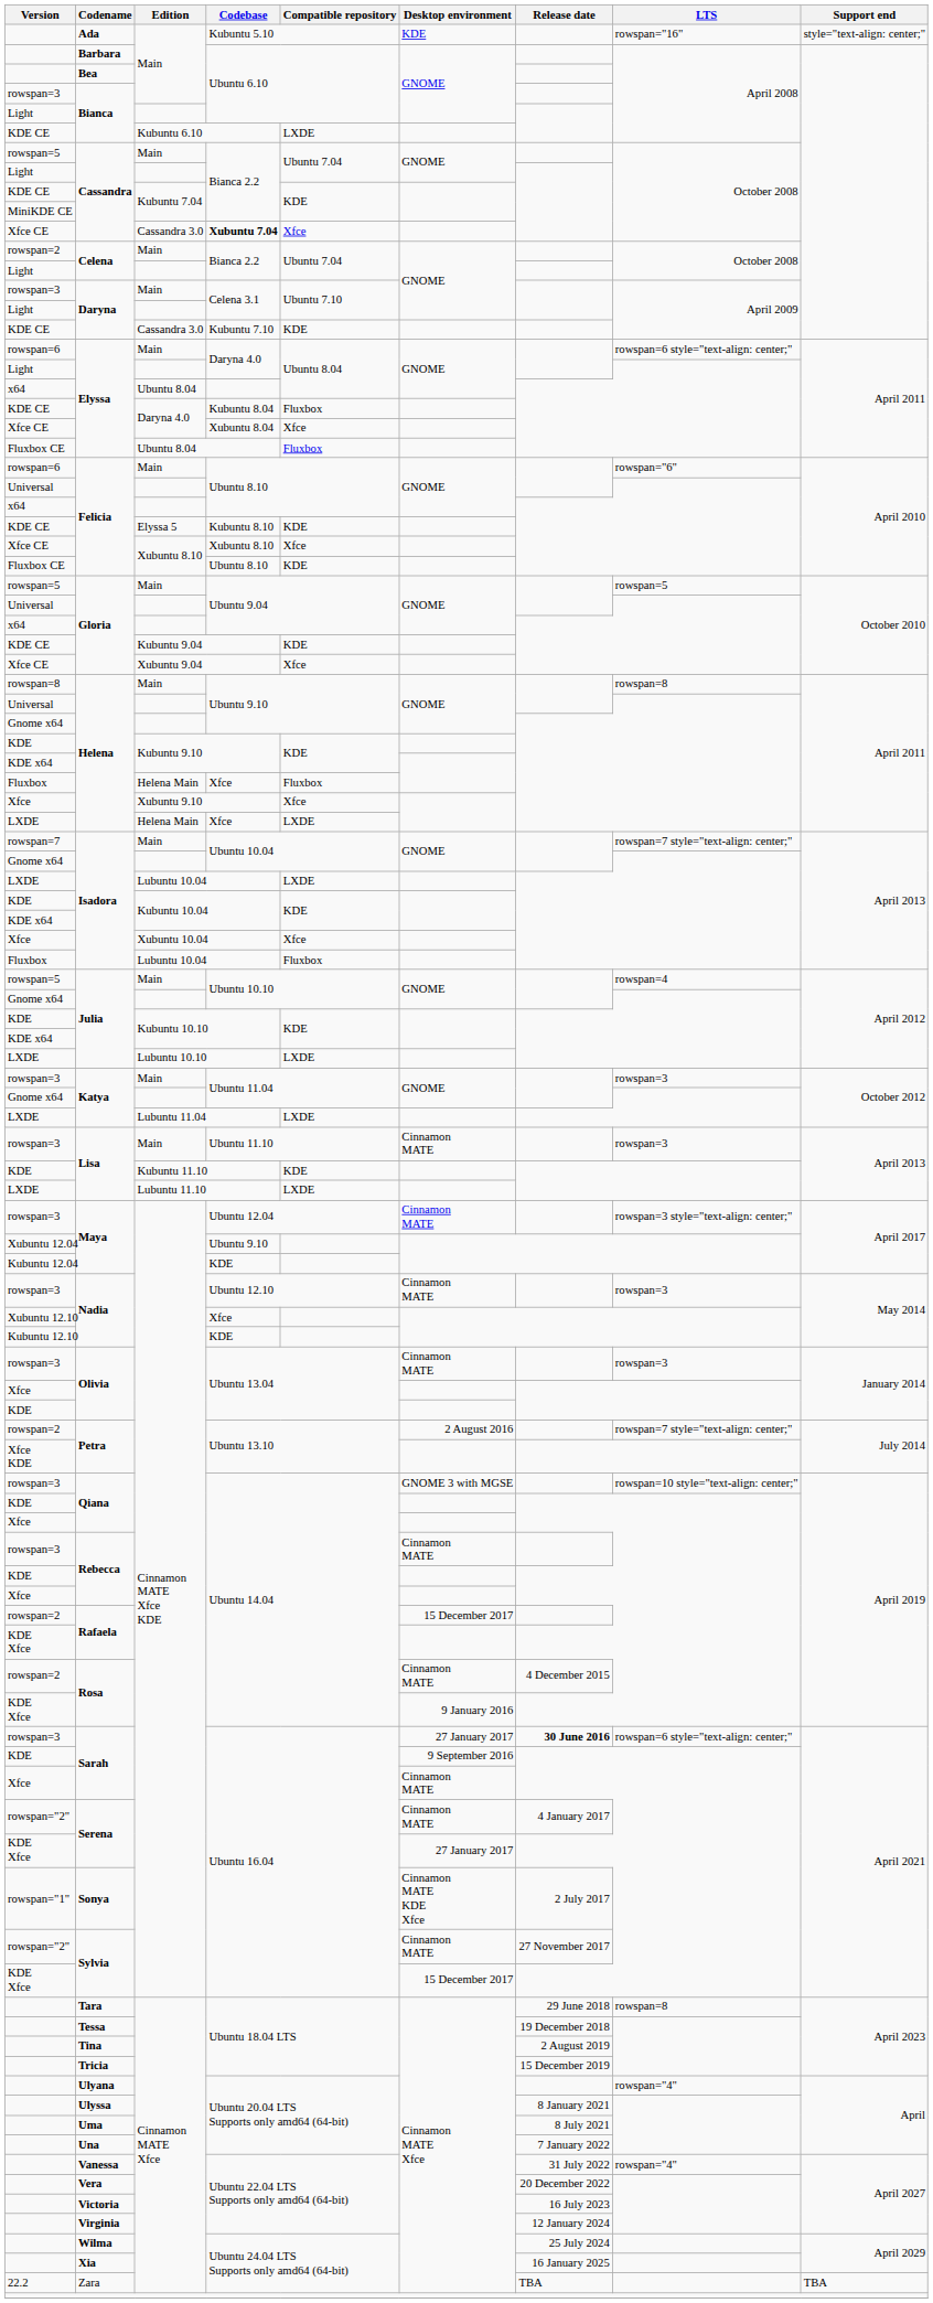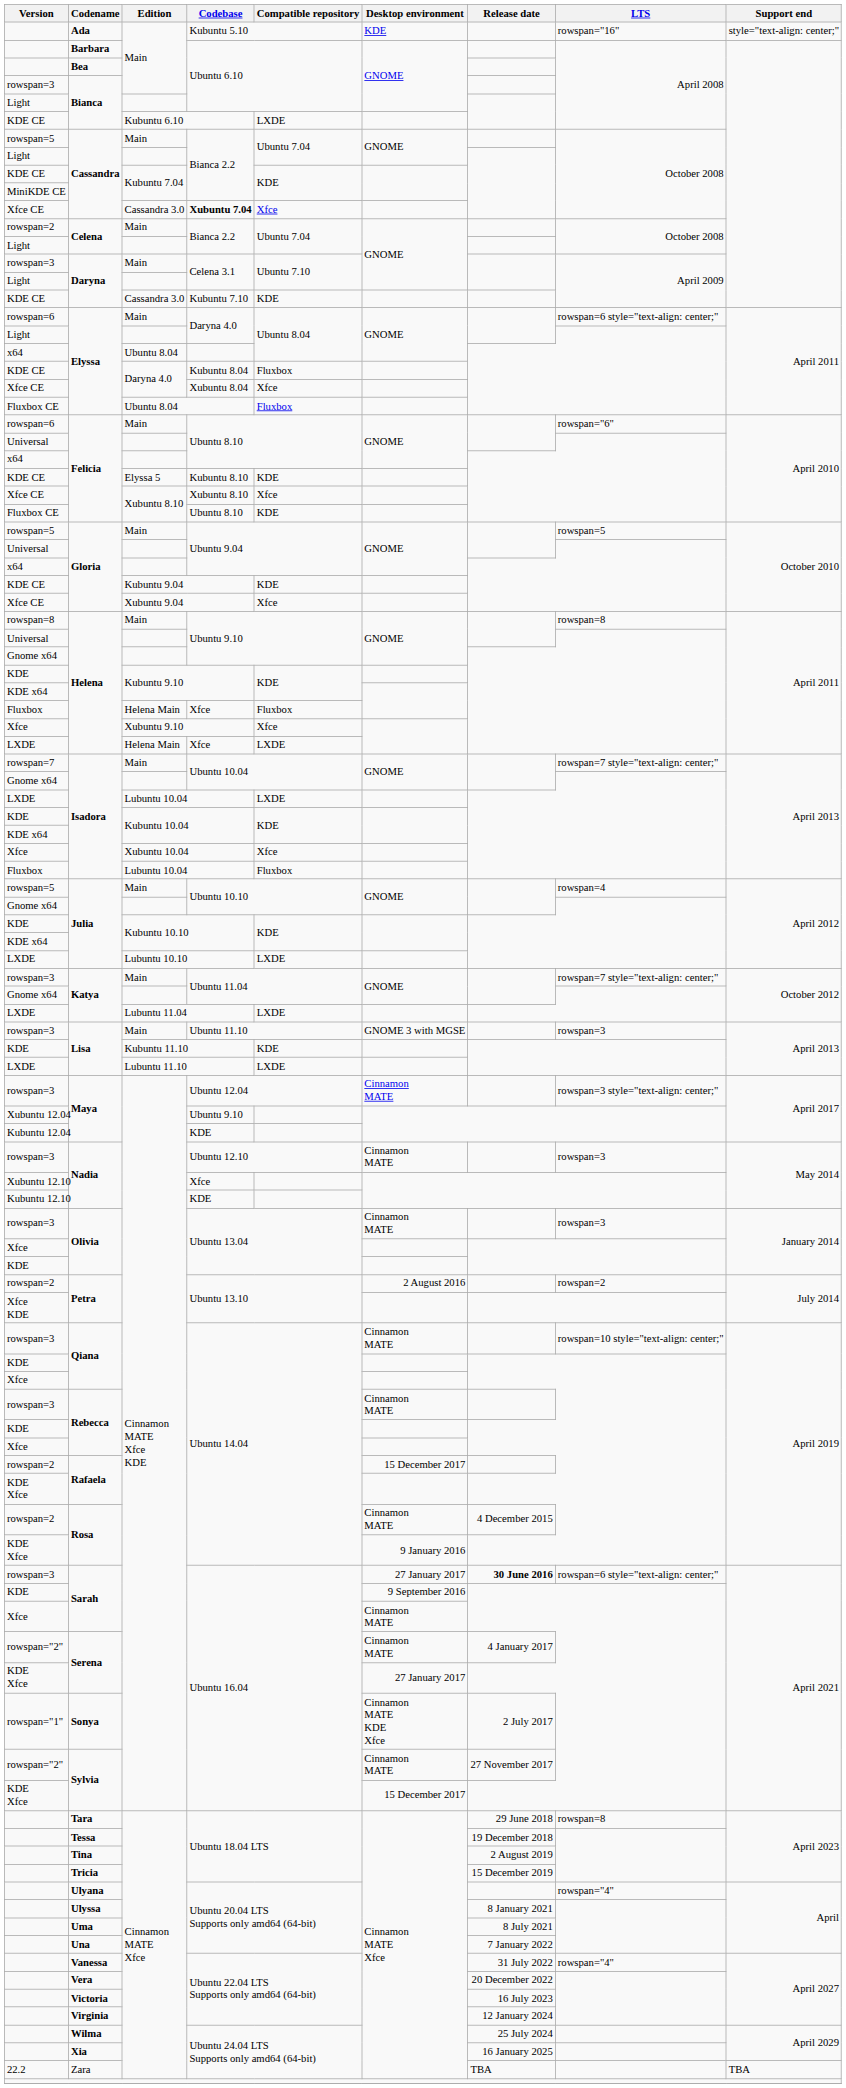 <table class="wikitable sortable mw-collapsible sticky-header" style="font-size: smaller;">
 <tr>
 <th>Version</th>
 <th>Codename</th>
 <th>Edition</th>
 <th><a href='#'>Codebase</a></th>
 <th>Compatible repository</th>
 <th>Desktop environment</th>
 <th>Release date</th>
 <th><a href='#'>LTS</a></th>
 <th>Support end</th>
 </tr>
 <tr>
 <td></td>
 <td><strong>Ada</strong></td>
 <td rowspan="4">Main</td>
 <td colspan="2">Kubuntu 5.10 </td>
 <td><a href='#'>KDE</a></td>
 <td style="text-align: right;"></td>
 <td>rowspan="16" </td>
 <td>style="text-align: center;" </td>
 </tr>
 <tr>
 <td></td>
 <td><strong>Barbara</strong></td>
 <td colspan="2" rowspan="4">Ubuntu 6.10 </td>
 <td rowspan="4"><a href='#'>GNOME</a></td>
 <td style="text-align: right;"></td>
 <td rowspan="5" style="text-align: right;">April 2008</td>
 </tr>
 <tr>
 <td></td>
 <td><strong>Bea</strong></td>
 <td style="text-align: right;"></td>
 </tr>
 <tr>
 <td>rowspan=3 </td>
 <td rowspan="3"><strong>Bianca</strong></td>
 <td style="text-align: right;"></td>
 </tr>
 <tr>
 <td>Light</td>
 <td style="text-align: right;"></td>
 </tr>
 <tr>
 <td>KDE CE</td>
 <td colspan="2">Kubuntu 6.10</td>
 <td>LXDE</td>
 <td style="text-align: right;"></td>
 </tr>
 <tr>
 <td>rowspan=5 </td>
 <td rowspan="5"><strong>Cassandra</strong></td>
 <td>Main</td>
 <td rowspan="4">Bianca 2.2</td>
 <td rowspan="2">Ubuntu 7.04 </td>
 <td rowspan="2">GNOME</td>
 <td style="text-align: right;"></td>
 <td rowspan="5" style="text-align: right;">October 2008</td>
 </tr>
 <tr>
 <td>Light</td>
 <td style="text-align: right;"></td>
 </tr>
 <tr>
 <td>KDE CE</td>
 <td rowspan="2">Kubuntu 7.04</td>
 <td rowspan="2">KDE</td>
 <td rowspan="2" style="text-align: right;"></td>
 </tr>
 <tr>
 <td>MiniKDE CE</td>
 </tr>
 <tr>
 <td>Xfce CE</td>
 <td>Cassandra 3.0</td>
 <td><strong>Xubuntu 7.04</strong></td>
 <td><a href='#'>Xfce</a></td>
 <td style="text-align: right;"></td>
 </tr>
 <tr>
 <td>rowspan=2 </td>
 <td rowspan="2"><strong>Celena</strong></td>
 <td>Main</td>
 <td rowspan="2">Bianca 2.2</td>
 <td rowspan="2">Ubuntu 7.04 </td>
 <td rowspan="4">GNOME</td>
 <td style="text-align: right;"></td>
 <td rowspan="2" style="text-align: right;">October 2008</td>
 </tr>
 <tr>
 <td>Light</td>
 <td style="text-align: right;"></td>
 </tr>
 <tr>
 <td>rowspan=3 </td>
 <td rowspan="3"><strong>Daryna</strong></td>
 <td>Main</td>
 <td rowspan="2">Celena 3.1</td>
 <td rowspan="2">Ubuntu 7.10 </td>
 <td rowspan="2" style="text-align: right;"></td>
 <td rowspan="3" style="text-align: right;">April 2009</td>
 </tr>
 <tr>
 <td>Light</td>
 </tr>
 <tr>
 <td>KDE CE</td>
 <td>Cassandra 3.0</td>
 <td>Kubuntu 7.10</td>
 <td>KDE</td>
 <td style="text-align: right;"></td>
 </tr>
 <tr>
 <td>rowspan=6 </td>
 <td rowspan="6"><strong>Elyssa</strong></td>
 <td>Main</td>
 <td rowspan="2">Daryna 4.0</td>
 <td rowspan="3">Ubuntu 8.04 </td>
 <td rowspan="3">GNOME</td>
 <td rowspan="2" style="text-align: right;"></td>
 <td>rowspan=6 style="text-align: center;" </td>
 <td rowspan="6" style="text-align: right;">April 2011</td>
 </tr>
 <tr>
 <td>Light</td>
 </tr>
 <tr>
 <td>x64</td>
 <td>Ubuntu 8.04 </td>
 <td style="text-align: right;"></td>
 </tr>
 <tr>
 <td>KDE CE</td>
 <td rowspan="2">Daryna 4.0</td>
 <td>Kubuntu 8.04</td>
 <td>Fluxbox</td>
 <td style="text-align: right;"></td>
 </tr>
 <tr>
 <td>Xfce CE</td>
 <td>Xubuntu 8.04</td>
 <td>Xfce</td>
 <td style="text-align: right;"></td>
 </tr>
 <tr>
 <td>Fluxbox CE</td>
 <td colspan="2">Ubuntu 8.04 </td>
 <td><a href='#'>Fluxbox</a></td>
 <td style="text-align: right;"></td>
 </tr>
 <tr>
 <td>rowspan=6 </td>
 <td rowspan="6"><strong>Felicia</strong></td>
 <td>Main</td>
 <td colspan="2" rowspan="3">Ubuntu 8.10 </td>
 <td rowspan="3">GNOME</td>
 <td rowspan="2" style="text-align: right;"></td>
 <td>rowspan="6" </td>
 <td rowspan="6" style="text-align: right;">April 2010</td>
 </tr>
 <tr>
 <td>Universal </td>
 </tr>
 <tr>
 <td>x64</td>
 <td style="text-align: right;"></td>
 </tr>
 <tr>
 <td>KDE CE</td>
 <td>Elyssa 5</td>
 <td>Kubuntu 8.10</td>
 <td>KDE</td>
 <td style="text-align: right;"></td>
 </tr>
 <tr>
 <td>Xfce CE</td>
 <td rowspan="2">Xubuntu 8.10</td>
 <td>Xubuntu 8.10</td>
 <td>Xfce</td>
 <td style="text-align: right;"></td>
 </tr>
 <tr>
 <td>Fluxbox CE</td>
 <td>Ubuntu 8.10</td>
 <td>KDE</td>
 <td style="text-align: right;"></td>
 </tr>
 <tr>
 <td>rowspan=5 </td>
 <td rowspan="5"><strong>Gloria</strong></td>
 <td>Main</td>
 <td colspan="2" rowspan="3">Ubuntu 9.04 </td>
 <td rowspan="3">GNOME</td>
 <td rowspan="2" style="text-align: right;"></td>
 <td>rowspan=5 </td>
 <td rowspan="5" style="text-align: right;">October 2010</td>
 </tr>
 <tr>
 <td>Universal </td>
 </tr>
 <tr>
 <td>x64</td>
 <td style="text-align: right;"></td>
 </tr>
 <tr>
 <td>KDE CE</td>
 <td colspan="2">Kubuntu 9.04</td>
 <td>KDE</td>
 <td style="text-align: right;"></td>
 </tr>
 <tr>
 <td>Xfce CE</td>
 <td colspan="2">Xubuntu 9.04</td>
 <td>Xfce</td>
 <td style="text-align: right;"></td>
 </tr>
 <tr>
 <td>rowspan=8 </td>
 <td rowspan="8"><strong>Helena</strong></td>
 <td>Main</td>
 <td colspan="2" rowspan="3">Ubuntu 9.10 </td>
 <td rowspan="3">GNOME</td>
 <td rowspan="2" style="text-align: right;"></td>
 <td>rowspan=8 </td>
 <td rowspan="8" style="text-align: right;">April 2011</td>
 </tr>
 <tr>
 <td>Universal </td>
 </tr>
 <tr>
 <td>Gnome x64</td>
 <td style="text-align: right;"></td>
 </tr>
 <tr>
 <td>KDE</td>
 <td colspan="2" rowspan="2">Kubuntu 9.10</td>
 <td rowspan="2">KDE</td>
 <td style="text-align: right;"></td>
 </tr>
 <tr>
 <td>KDE x64</td>
 <td rowspan="2" style="text-align: right;"></td>
 </tr>
 <tr>
 <td>Fluxbox</td>
 <td>Helena Main</td>
 <td>Xfce</td>
 <td>Fluxbox</td>
 </tr>
 <tr>
 <td>Xfce</td>
 <td colspan="2">Xubuntu 9.10</td>
 <td>Xfce</td>
 <td rowspan="2" style="text-align: right;"></td>
 </tr>
 <tr>
 <td>LXDE</td>
 <td>Helena Main</td>
 <td>Xfce</td>
 <td>LXDE</td>
 </tr>
 <tr>
 <td>rowspan=7 </td>
 <td rowspan="7"><strong>Isadora</strong></td>
 <td>Main</td>
 <td colspan="2" rowspan="2">Ubuntu 10.04 </td>
 <td rowspan="2">GNOME</td>
 <td rowspan="2" style="text-align: right;"></td>
 <td>rowspan=7 style="text-align: center;" </td>
 <td rowspan="7" style="text-align: right;">April 2013</td>
 </tr>
 <tr>
 <td>Gnome x64</td>
 </tr>
 <tr>
 <td>LXDE</td>
 <td colspan="2">Lubuntu 10.04</td>
 <td>LXDE</td>
 <td style="text-align: right;"></td>
 </tr>
 <tr>
 <td>KDE</td>
 <td colspan="2" rowspan="2">Kubuntu 10.04</td>
 <td rowspan="2">KDE</td>
 <td rowspan="2" style="text-align: right;"></td>
 </tr>
 <tr>
 <td>KDE x64</td>
 </tr>
 <tr>
 <td>Xfce</td>
 <td colspan="2">Xubuntu 10.04</td>
 <td>Xfce</td>
 <td style="text-align: right;"></td>
 </tr>
 <tr>
 <td>Fluxbox</td>
 <td colspan="2">Lubuntu 10.04</td>
 <td>Fluxbox</td>
 <td style="text-align: right;"></td>
 </tr>
 <tr>
 <td>rowspan=5 </td>
 <td rowspan="5"><strong>Julia</strong></td>
 <td>Main</td>
 <td colspan="2" rowspan="2">Ubuntu 10.10 </td>
 <td rowspan="2">GNOME</td>
 <td rowspan="2" style="text-align: right;"></td>
 <td>rowspan=4 </td>
 <td rowspan="5" style="text-align: right;">April 2012</td>
 </tr>
 <tr>
 <td>Gnome x64</td>
 </tr>
 <tr>
 <td>KDE</td>
 <td colspan="2" rowspan="2">Kubuntu 10.10</td>
 <td rowspan="2">KDE</td>
 <td rowspan="2" style="text-align: right;"></td>
 </tr>
 <tr>
 <td>KDE x64</td>
 </tr>
 <tr>
 <td>LXDE</td>
 <td colspan="2">Lubuntu 10.10</td>
 <td>LXDE</td>
 <td style="text-align: right;"></td>
 </tr>
 <tr>
 <td>rowspan=3 </td>
 <td rowspan="3"><strong>Katya</strong></td>
 <td>Main</td>
 <td colspan="2" rowspan="2">Ubuntu 11.04 </td>
 <td rowspan="2">GNOME</td>
 <td rowspan="2" style="text-align: right;"></td>
-<td>rowspan=3 </td>
+<td>rowspan=7 style="text-align: center;" </td>
 <td rowspan="3" style="text-align: right;">October 2012</td>
 </tr>
 <tr>
 <td>Gnome x64</td>
 </tr>
 <tr>
 <td>LXDE</td>
 <td colspan="2">Lubuntu 11.04</td>
 <td>LXDE</td>
 <td style="text-align: right;"></td>
 </tr>
 <tr>
 <td>rowspan=3 </td>
 <td rowspan="3"><strong>Lisa</strong></td>
 <td>Main</td>
 <td colspan="2">Ubuntu 11.10 </td>
-<td>Cinnamon<br>MATE</td>
+<td>GNOME 3 with MGSE</td>
 <td style="text-align: right;"></td>
 <td>rowspan=3 </td>
 <td rowspan="3" style="text-align: right;">April 2013</td>
 </tr>
 <tr>
 <td>KDE</td>
 <td colspan="2">Kubuntu 11.10</td>
 <td>KDE</td>
 <td style="text-align: right;"></td>
 </tr>
 <tr>
 <td>LXDE</td>
 <td colspan="2">Lubuntu 11.10</td>
 <td>LXDE</td>
 <td style="text-align: right;"></td>
 </tr>
 <tr>
 <td>rowspan=3 </td>
 <td rowspan="3"><strong>Maya</strong></td>
 <td rowspan="29">Cinnamon<br>MATE<br>Xfce<br>KDE</td>
 <td colspan="2">Ubuntu 12.04 </td>
 <td><a href='#'>Cinnamon</a><br><a href='#'>MATE</a></td>
 <td style="text-align: right;"></td>
 <td>rowspan=3 style="text-align: center;" </td>
 <td rowspan="3" style="text-align: right;">April 2017</td>
 </tr>
 <tr>
 <td colspan="2">Xubuntu 12.04</td>
 <td>Ubuntu 9.10 </td>
 <td style="text-align: right;"></td>
 </tr>
 <tr>
 <td colspan="2">Kubuntu 12.04</td>
 <td>KDE</td>
 <td style="text-align: right;"></td>
 </tr>
 <tr>
 <td>rowspan=3 </td>
 <td rowspan="3"><strong>Nadia</strong></td>
 <td colspan="2">Ubuntu 12.10 </td>
 <td>Cinnamon<br>MATE</td>
 <td style="text-align: right;"></td>
 <td>rowspan=3 </td>
 <td rowspan="3" style="text-align: right;">May 2014</td>
 </tr>
 <tr>
 <td colspan="2">Xubuntu 12.10</td>
 <td>Xfce</td>
 <td style="text-align: right;"></td>
 </tr>
 <tr>
 <td colspan="2">Kubuntu 12.10</td>
 <td>KDE</td>
 <td style="text-align: right;"></td>
 </tr>
 <tr>
 <td>rowspan=3 </td>
 <td rowspan="3"><strong>Olivia</strong></td>
 <td colspan="2" rowspan="3">Ubuntu 13.04 </td>
 <td>Cinnamon<br>MATE</td>
 <td style="text-align: right;"></td>
 <td>rowspan=3 </td>
 <td rowspan="3" style="text-align: right;">January 2014</td>
 </tr>
 <tr>
 <td>Xfce</td>
 <td style="text-align: right;"></td>
 </tr>
 <tr>
 <td>KDE</td>
 <td style="text-align: right;"></td>
 </tr>
 <tr>
 <td>rowspan=2 </td>
 <td rowspan="2"><strong>Petra</strong></td>
 <td colspan="2" rowspan="2">Ubuntu 13.10 </td>
 <td style="text-align: right;">2 August 2016</td>
 <td style="text-align: right;"></td>
-<td>rowspan=7 style="text-align: center;" </td>
+<td>rowspan=2 </td>
 <td rowspan="2" style="text-align: right;">July 2014</td>
 </tr>
 <tr>
 <td>Xfce<br>KDE</td>
 <td style="text-align: right;"></td>
 </tr>
 <tr>
 <td>rowspan=3 </td>
 <td rowspan="3"><strong>Qiana</strong></td>
 <td colspan="2" rowspan="10">Ubuntu 14.04 </td>
-<td>GNOME 3 with MGSE</td>
+<td>Cinnamon<br>MATE</td>
 <td rowspan="1" style="text-align: right;"></td>
 <td>rowspan=10 style="text-align: center;" </td>
 <td rowspan="10" style="text-align: right;">April 2019</td>
 </tr>
 <tr>
 <td>KDE</td>
 <td style="text-align: right;"></td>
 </tr>
 <tr>
 <td>Xfce</td>
 <td style="text-align: right;"></td>
 </tr>
 <tr>
 <td>rowspan=3 </td>
 <td rowspan="3"><strong>Rebecca</strong></td>
 <td>Cinnamon<br>MATE</td>
 <td rowspan="1" style="text-align: right;"></td>
 </tr>
 <tr>
 <td>KDE</td>
 <td style="text-align: right;"></td>
 </tr>
 <tr>
 <td>Xfce</td>
 <td style="text-align: right;"></td>
 </tr>
 <tr>
 <td>rowspan=2 </td>
 <td rowspan="2"><strong>Rafaela</strong></td>
 <td rowspan="1" style="text-align: right;">15 December 2017</td>
 <td rowspan="1" style="text-align: right;"></td>
 </tr>
 <tr>
 <td>KDE<br>Xfce</td>
 <td rowspan="1" style="text-align: right;"></td>
 </tr>
 <tr>
 <td>rowspan=2 </td>
 <td rowspan="2"><strong>Rosa</strong></td>
 <td>Cinnamon<br>MATE</td>
 <td rowspan="1" style="text-align: right;">4 December 2015</td>
 </tr>
 <tr>
 <td>KDE<br>Xfce</td>
 <td rowspan="1" style="text-align: right;">9 January 2016</td>
 </tr>
 <tr>
 <td>rowspan=3 </td>
 <td rowspan="3"><strong>Sarah</strong></td>
 <td colspan="2" rowspan="8">Ubuntu 16.04 </td>
 <td rowspan="1" style="text-align: right;">27 January 2017</td>
 <td style="text-align: right;" rowspan1><strong>30 June 2016</strong></td>
 <td>rowspan=6 style="text-align: center;" </td>
 <td rowspan="8" style="text-align: right;">April 2021</td>
 </tr>
 <tr>
 <td>KDE</td>
 <td style="text-align: right;">9 September 2016</td>
 </tr>
 <tr>
 <td>Xfce</td>
 <td>Cinnamon<br>MATE</td>
 </tr>
 <tr>
 <td>rowspan="2" </td>
 <td rowspan="2"><strong>Serena</strong></td>
 <td>Cinnamon<br>MATE</td>
 <td rowspan="1" style="text-align: right;">4 January 2017</td>
 </tr>
 <tr>
 <td>KDE<br>Xfce</td>
 <td rowspan="1" style="text-align: right;">27 January 2017</td>
 </tr>
 <tr>
 <td>rowspan="1" </td>
 <td rowspan="1"><strong>Sonya</strong></td>
 <td>Cinnamon<br>MATE<br>KDE<br>Xfce</td>
 <td rowspan="1" style="text-align: right;">2 July 2017</td>
 </tr>
 <tr>
 <td>rowspan="2" </td>
 <td rowspan="2"><strong>Sylvia</strong></td>
 <td>Cinnamon<br>MATE</td>
 <td rowspan="1" style="text-align: right;">27 November 2017</td>
 </tr>
 <tr>
 <td>KDE<br>Xfce</td>
 <td rowspan="1" style="text-align: right;">15 December 2017</td>
 </tr>
 <tr>
 <td></td>
 <td><strong>Tara</strong></td>
 <td rowspan="15">Cinnamon<br>MATE<br>Xfce</td>
 <td colspan="2" rowspan="4">Ubuntu 18.04 LTS </td>
 <td rowspan="15">Cinnamon<br>MATE<br>Xfce</td>
 <td style="text-align: right;">29 June 2018</td>
 <td>rowspan=8 </td>
 <td rowspan="4" style="text-align: right;">April 2023</td>
 </tr>
 <tr>
 <td></td>
 <td><strong>Tessa</strong></td>
 <td style="text-align: right;">19 December 2018</td>
 </tr>
 <tr>
 <td></td>
 <td><strong>Tina</strong></td>
 <td style="text-align: right;">2 August 2019</td>
 </tr>
 <tr>
 <td></td>
 <td><strong>Tricia</strong></td>
 <td style="text-align: right;">15 December 2019</td>
 </tr>
 <tr>
 <td></td>
 <td><strong>Ulyana</strong></td>
 <td colspan="2" rowspan="4">Ubuntu 20.04 LTS <br>Supports only amd64 (64-bit)</td>
 <td style="text-align: right;"></td>
 <td>rowspan="4" </td>
 <td rowspan="4" style="text-align: right;">April </td>
 </tr>
 <tr>
 <td></td>
 <td><strong>Ulyssa</strong></td>
 <td style="text-align: right;">8 January 2021</td>
 </tr>
 <tr>
 <td></td>
 <td><strong>Uma</strong></td>
 <td style="text-align: right;">8 July 2021</td>
 </tr>
 <tr>
 <td></td>
 <td><strong>Una</strong></td>
 <td style="text-align: right;">7 January 2022</td>
 </tr>
 <tr>
 <td></td>
 <td><strong>Vanessa</strong></td>
 <td colspan="2" rowspan="4">Ubuntu 22.04 LTS <br>Supports only amd64 (64-bit)</td>
 <td style="text-align: right;">31 July 2022</td>
 <td>rowspan="4" </td>
 <td rowspan="4" style="text-align: right;">April 2027</td>
 </tr>
 <tr>
 <td></td>
 <td><strong>Vera</strong></td>
 <td style="text-align: right;">20 December 2022</td>
 </tr>
 <tr>
 <td></td>
 <td><strong>Victoria</strong></td>
 <td style="text-align: right;">16 July 2023</td>
 </tr>
 <tr>
 <td></td>
 <td><strong>Virginia</strong></td>
 <td style="text-align: right;">12 January 2024</td>
 </tr>
 <tr>
 <td></td>
 <td><strong>Wilma</strong></td>
 <td colspan="2" rowspan="3">Ubuntu 24.04 LTS <br>Supports only amd64 (64-bit)</td>
 <td style="text-align: right;">25 July 2024</td>
 <td></td>
 <td rowspan="2" style="text-align: right;">April 2029</td>
 </tr>
 <tr>
 <td></td>
 <td><strong>Xia</strong></td>
 <td style="text-align: right;">16 January 2025</td>
 <td></td>
 </tr>
 <tr>
 <td>22.2</td>
 <td>Zara</td>
 <td>TBA</td>
 <td></td>
 <td>TBA</td>
 </tr>
 <tr>
 <td colspan="9"></td>
 </tr>
 <tr>
 </tr>
 </table>
